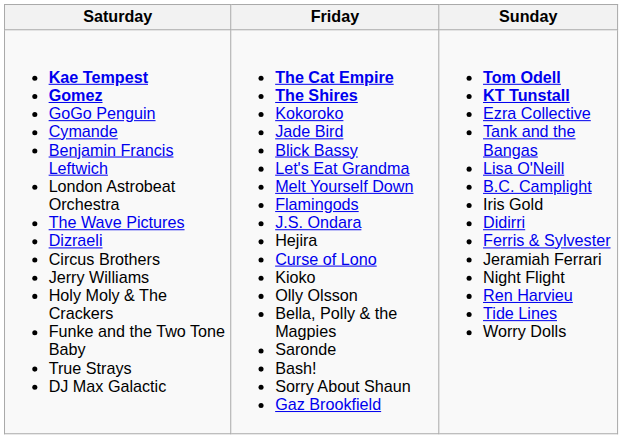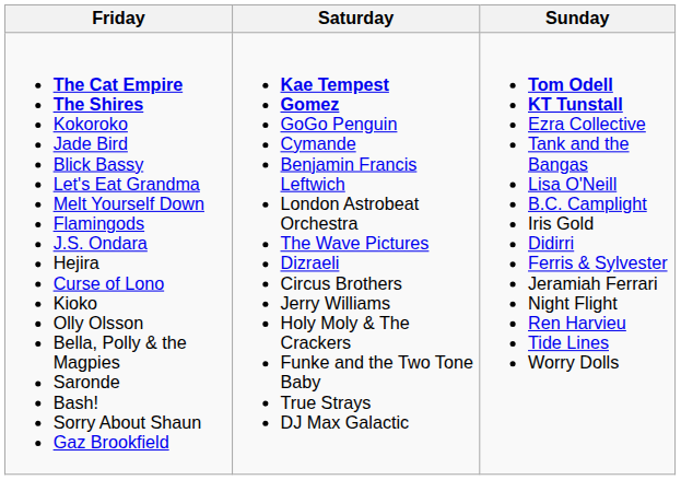 <table class="wikitable">
 <tr>
+<th>Friday</th>
 <th>Saturday</th>
-<th>Friday</th>
 <th>Sunday</th>
 </tr>
 <tr valign="top">
+<td><br><ul><li><strong><a href='#'>The Cat Empire</a></strong></li><li><strong><a href='#'>The Shires</a></strong></li><li><a href='#'>Kokoroko</a></li><li><a href='#'>Jade Bird</a></li><li><a href='#'>Blick Bassy</a></li><li><a href='#'>Let's Eat Grandma</a></li><li><a href='#'>Melt Yourself Down</a></li><li><a href='#'>Flamingods</a></li><li><a href='#'>J.S. Ondara</a></li><li>Hejira</li><li><a href='#'>Curse of Lono</a></li><li>Kioko</li><li>Olly Olsson</li><li>Bella, Polly & the Magpies</li><li>Saronde</li><li>Bash!</li><li>Sorry About Shaun</li><li><a href='#'>Gaz Brookfield</a></li></ul></td>
 <td><br><ul><li><strong><a href='#'>Kae Tempest</a></strong></li><li><strong><a href='#'>Gomez</a></strong></li><li><a href='#'>GoGo Penguin</a></li><li><a href='#'>Cymande</a></li><li><a href='#'>Benjamin Francis Leftwich</a></li><li>London Astrobeat Orchestra</li><li><a href='#'>The Wave Pictures</a></li><li><a href='#'>Dizraeli</a></li><li>Circus Brothers</li><li>Jerry Williams</li><li>Holy Moly & The Crackers</li><li>Funke and the Two Tone Baby</li><li>True Strays</li><li>DJ Max Galactic</li></ul></td>
-<td><br><ul><li><strong><a href='#'>The Cat Empire</a></strong></li><li><strong><a href='#'>The Shires</a></strong></li><li><a href='#'>Kokoroko</a></li><li><a href='#'>Jade Bird</a></li><li><a href='#'>Blick Bassy</a></li><li><a href='#'>Let's Eat Grandma</a></li><li><a href='#'>Melt Yourself Down</a></li><li><a href='#'>Flamingods</a></li><li><a href='#'>J.S. Ondara</a></li><li>Hejira</li><li><a href='#'>Curse of Lono</a></li><li>Kioko</li><li>Olly Olsson</li><li>Bella, Polly & the Magpies</li><li>Saronde</li><li>Bash!</li><li>Sorry About Shaun</li><li><a href='#'>Gaz Brookfield</a></li></ul></td>
 <td><br><ul><li><strong></strong> <strong><a href='#'>Tom Odell</a></strong></li><li><strong><a href='#'>KT Tunstall</a></strong></li><li><a href='#'>Ezra Collective</a></li><li><a href='#'>Tank and the Bangas</a></li><li><a href='#'>Lisa O'Neill</a></li><li><a href='#'>B.C. Camplight</a></li><li>Iris Gold</li><li><a href='#'>Didirri</a></li><li><a href='#'>Ferris & Sylvester</a></li><li>Jeramiah Ferrari</li><li>Night Flight</li><li><a href='#'>Ren Harvieu</a></li><li><a href='#'>Tide Lines</a></li><li>Worry Dolls</li></ul></td>
 </tr>
 </table>
